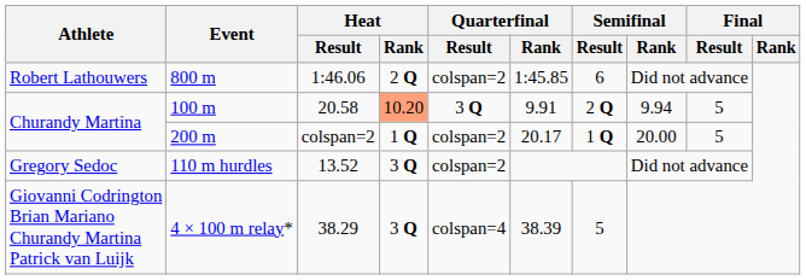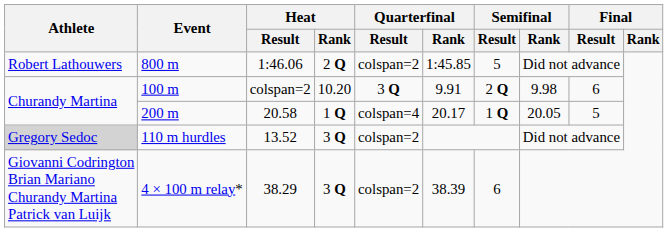 <table class="wikitable" style="font-size:90%">
 <tr>
 <th rowspan="2">Athlete</th>
 <th rowspan="2">Event</th>
 <th colspan="2">Heat</th>
 <th colspan="2">Quarterfinal</th>
 <th colspan="2">Semifinal</th>
 <th colspan="2">Final</th>
 </tr>
 <tr style="font-size:95%">
 <th>Result</th>
 <th>Rank</th>
 <th>Result</th>
 <th>Rank</th>
 <th>Result</th>
 <th>Rank</th>
 <th>Result</th>
 <th>Rank</th>
 </tr>
 <tr align=center>
 <td align=left><a href='#'>Robert Lathouwers</a></td>
 <td align=left><a href='#'>800 m</a></td>
 <td>1:46.06</td>
 <td>2 <strong>Q</strong></td>
 <td>colspan=2 </td>
 <td>1:45.85</td>
-<td>6</td>
+<td>5</td>
 <td colspan=2>Did not advance</td>
 </tr>
 <tr align=center>
 <td align=left rowspan=2><a href='#'>Churandy Martina</a></td>
 <td align=left><a href='#'>100 m</a></td>
-<td>20.58</td>
-<td style="background: lightsalmon;">10.20</td>
+<td>colspan=2 </td>
+<td>10.20</td>
 <td>3 <strong>Q</strong></td>
 <td>9.91</td>
 <td>2 <strong>Q</strong></td>
-<td>9.94</td>
+<td>9.98</td>
+<td>6</td>
+</tr>
+<tr align=center>
+<td align=left><a href='#'>200 m</a></td>
+<td>20.58</td>
+<td>1 <strong>Q</strong></td>
+<td>colspan=4 </td>
+<td>20.17</td>
+<td>1 <strong>Q</strong></td>
+<td>20.05</td>
 <td>5</td>
 </tr>
 <tr align=center>
-<td align=left><a href='#'>200 m</a></td>
-<td>colspan=2 </td>
-<td>1 <strong>Q</strong></td>
-<td>colspan=2 </td>
-<td>20.17</td>
-<td>1 <strong>Q</strong></td>
-<td>20.00</td>
-<td>5</td>
-</tr>
-<tr align=center>
-<td align=left><a href='#'>Gregory Sedoc</a></td>
+<td align=left style="background: lightgrey;"><a href='#'>Gregory Sedoc</a></td>
 <td align=left><a href='#'>110 m hurdles</a></td>
 <td>13.52</td>
 <td>3 <strong>Q</strong></td>
 <td>colspan=2 </td>
 <td colspan=2></td>
 <td colspan=2>Did not advance</td>
 </tr>
 <tr align=center>
 <td align=left><a href='#'>Giovanni Codrington</a><br><a href='#'>Brian Mariano</a><br><a href='#'>Churandy Martina</a><br><a href='#'>Patrick van Luijk</a></td>
 <td align=left><a href='#'>4 × 100 m relay</a>*</td>
 <td>38.29</td>
 <td>3 <strong>Q</strong></td>
-<td>colspan=4 </td>
+<td>colspan=2 </td>
 <td>38.39</td>
-<td>5</td>
+<td>6</td>
 </tr>
 </table>
